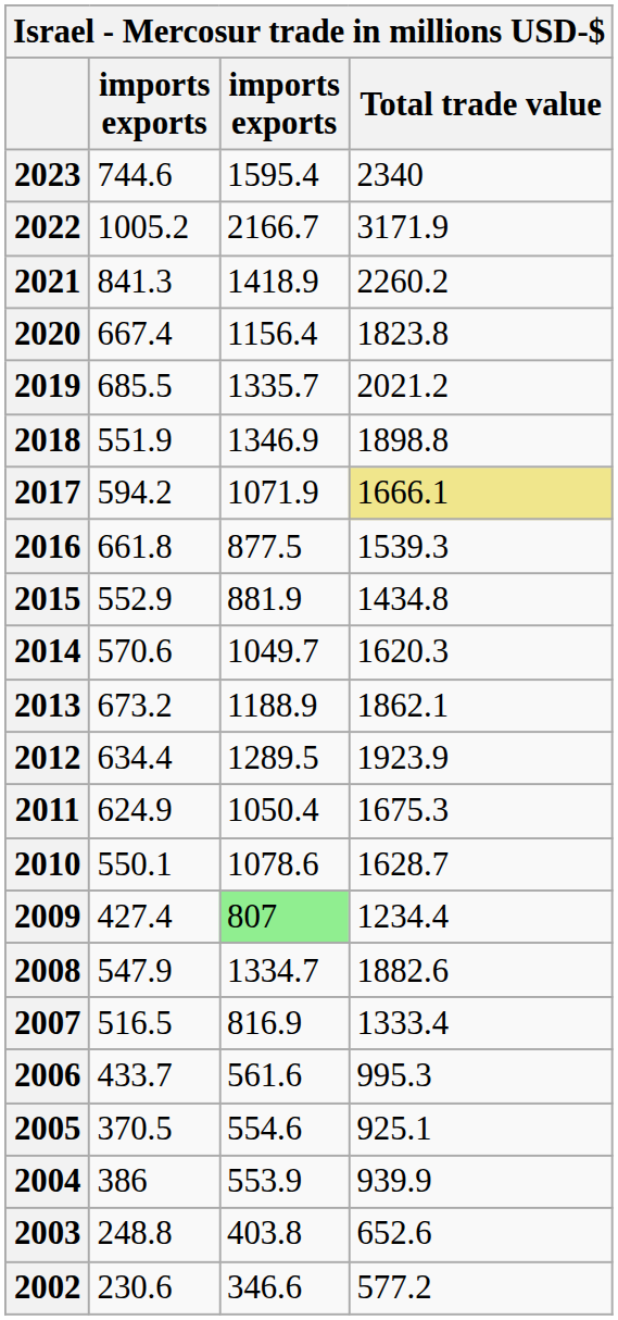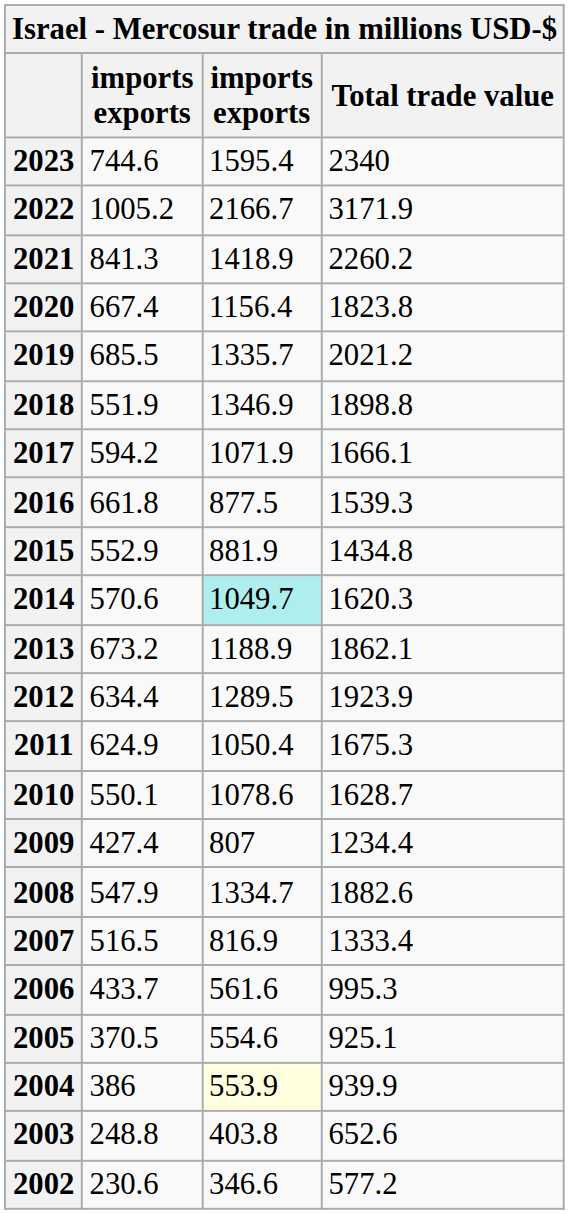 <table class="wikitable mw-collapsible mw-collapsed">
 <tr>
 <th colspan="4">Israel - Mercosur trade in millions USD-$ </th>
 </tr>
 <tr>
 <th></th>
 <th> imports<br> exports</th>
 <th> imports<br> exports</th>
 <th>Total trade value</th>
 </tr>
 <tr>
 <th>2023</th>
 <td>744.6</td>
 <td>1595.4</td>
 <td>2340</td>
 </tr>
 <tr>
 <th>2022</th>
 <td>1005.2</td>
 <td>2166.7</td>
 <td>3171.9</td>
 </tr>
 <tr>
 <th>2021</th>
 <td>841.3</td>
 <td>1418.9</td>
 <td>2260.2</td>
 </tr>
 <tr>
 <th>2020</th>
 <td>667.4</td>
 <td>1156.4</td>
 <td>1823.8</td>
 </tr>
 <tr>
 <th>2019</th>
 <td>685.5</td>
 <td>1335.7</td>
 <td>2021.2</td>
 </tr>
 <tr>
 <th>2018</th>
 <td>551.9</td>
 <td>1346.9</td>
 <td>1898.8</td>
 </tr>
 <tr>
 <th>2017</th>
 <td>594.2</td>
 <td>1071.9</td>
-<td style="background: khaki;">1666.1</td>
+<td>1666.1</td>
 </tr>
 <tr>
 <th>2016</th>
 <td>661.8</td>
 <td>877.5</td>
 <td>1539.3</td>
 </tr>
 <tr>
 <th>2015</th>
 <td>552.9</td>
 <td>881.9</td>
 <td>1434.8</td>
 </tr>
 <tr>
 <th>2014</th>
 <td>570.6</td>
-<td>1049.7</td>
+<td style="background: paleturquoise;">1049.7</td>
 <td>1620.3</td>
 </tr>
 <tr>
 <th>2013</th>
 <td>673.2</td>
 <td>1188.9</td>
 <td>1862.1</td>
 </tr>
 <tr>
 <th>2012</th>
 <td>634.4</td>
 <td>1289.5</td>
 <td>1923.9</td>
 </tr>
 <tr>
 <th>2011</th>
 <td>624.9</td>
 <td>1050.4</td>
 <td>1675.3</td>
 </tr>
 <tr>
 <th>2010</th>
 <td>550.1</td>
 <td>1078.6</td>
 <td>1628.7</td>
 </tr>
 <tr>
 <th>2009</th>
 <td>427.4</td>
-<td style="background: lightgreen;">807</td>
+<td>807</td>
 <td>1234.4</td>
 </tr>
 <tr>
 <th>2008</th>
 <td>547.9</td>
 <td>1334.7</td>
 <td>1882.6</td>
 </tr>
 <tr>
 <th>2007</th>
 <td>516.5</td>
 <td>816.9</td>
 <td>1333.4</td>
 </tr>
 <tr>
 <th>2006</th>
 <td>433.7</td>
 <td>561.6</td>
 <td>995.3</td>
 </tr>
 <tr>
 <th>2005</th>
 <td>370.5</td>
 <td>554.6</td>
 <td>925.1</td>
 </tr>
 <tr>
 <th>2004</th>
 <td>386</td>
-<td>553.9</td>
+<td style="background: lightyellow;">553.9</td>
 <td>939.9</td>
 </tr>
 <tr>
 <th>2003</th>
 <td>248.8</td>
 <td>403.8</td>
 <td>652.6</td>
 </tr>
 <tr>
 <th>2002</th>
 <td>230.6</td>
 <td>346.6</td>
 <td>577.2</td>
 </tr>
 </table>
